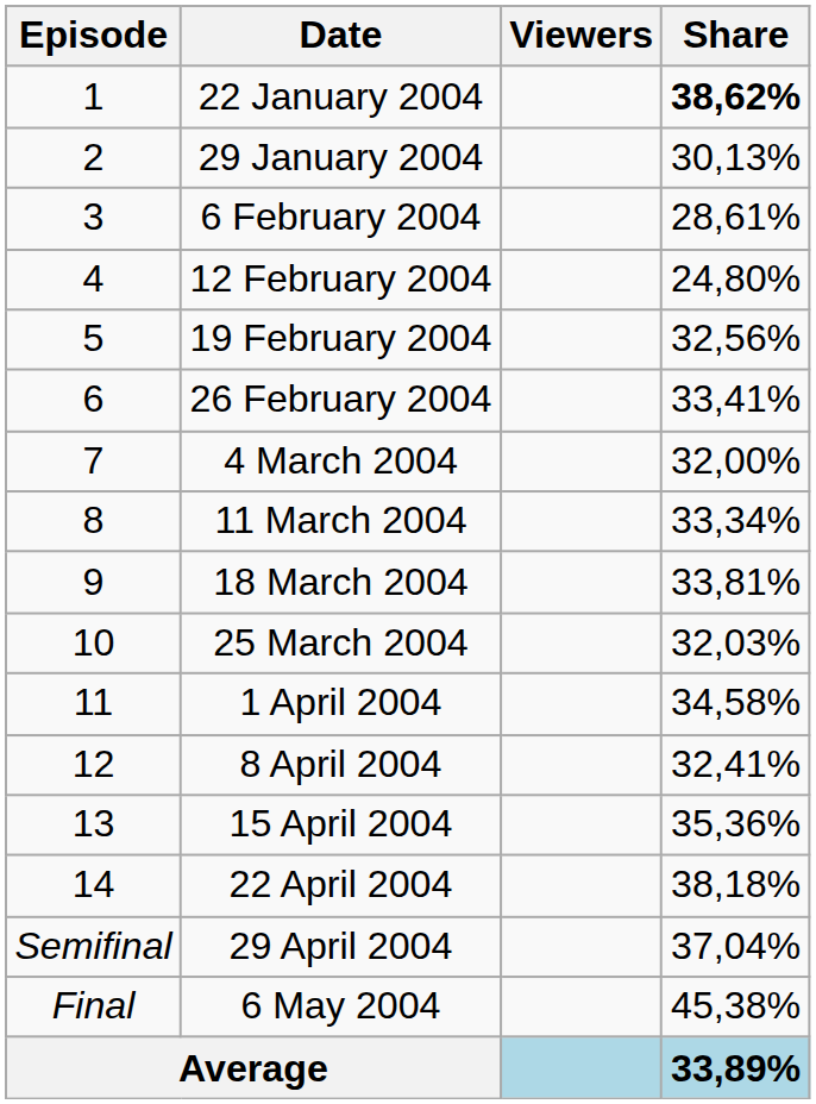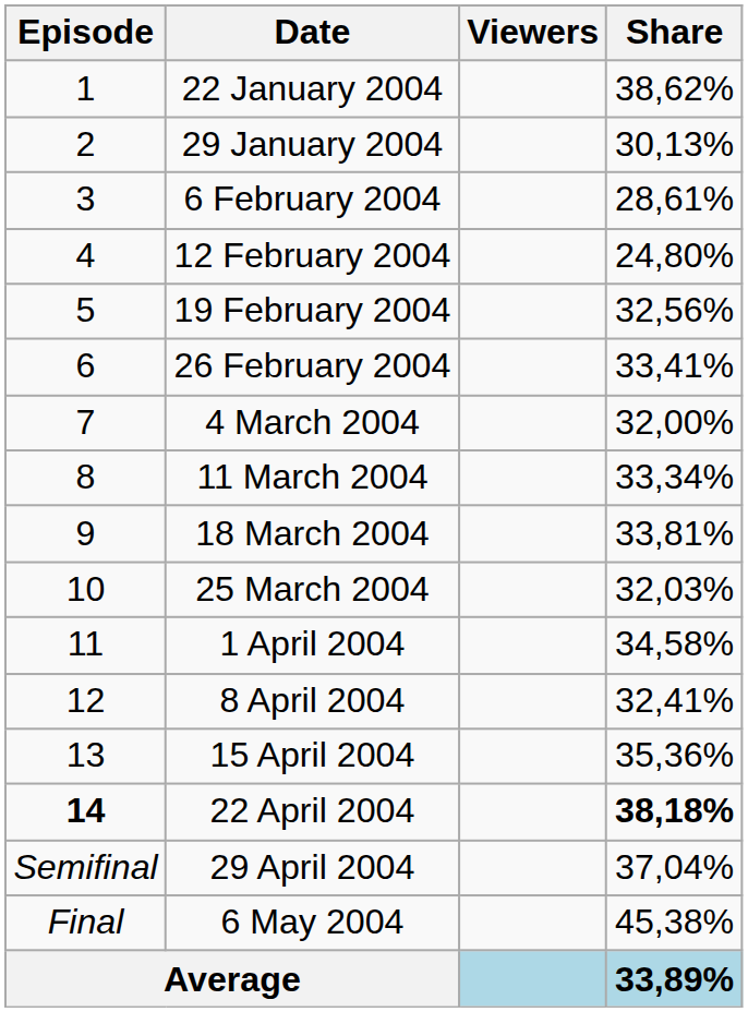 <table class="wikitable" style="text-align:center">
 <tr>
 <th>Episode</th>
 <th>Date</th>
 <th>Viewers</th>
 <th>Share</th>
 </tr>
 <tr>
 <td>1</td>
 <td>22 January 2004</td>
 <td></td>
-<td><strong>38,62%</strong></td>
+<td>38,62%</td>
 </tr>
 <tr>
 <td>2</td>
 <td>29 January 2004</td>
 <td></td>
 <td>30,13%</td>
 </tr>
 <tr>
 <td>3</td>
 <td>6 February 2004</td>
 <td></td>
 <td>28,61%</td>
 </tr>
 <tr>
 <td>4</td>
 <td>12 February 2004</td>
 <td></td>
 <td>24,80%</td>
 </tr>
 <tr>
 <td>5</td>
 <td>19 February 2004</td>
 <td></td>
 <td>32,56%</td>
 </tr>
 <tr>
 <td>6</td>
 <td>26 February 2004</td>
 <td></td>
 <td>33,41%</td>
 </tr>
 <tr>
 <td>7</td>
 <td>4 March 2004</td>
 <td></td>
 <td>32,00%</td>
 </tr>
 <tr>
 <td>8</td>
 <td>11 March 2004</td>
 <td></td>
 <td>33,34%</td>
 </tr>
 <tr>
 <td>9</td>
 <td>18 March 2004</td>
 <td></td>
 <td>33,81%</td>
 </tr>
 <tr>
 <td>10</td>
 <td>25 March 2004</td>
 <td></td>
 <td>32,03%</td>
 </tr>
 <tr>
 <td>11</td>
 <td>1 April 2004</td>
 <td></td>
 <td>34,58%</td>
 </tr>
 <tr>
 <td>12</td>
 <td>8 April 2004</td>
 <td></td>
 <td>32,41%</td>
 </tr>
 <tr>
 <td>13</td>
 <td>15 April 2004</td>
 <td></td>
 <td>35,36%</td>
 </tr>
 <tr>
-<td>14</td>
+<td><strong>14</strong></td>
 <td>22 April 2004</td>
 <td></td>
-<td>38,18%</td>
+<td><strong>38,18%</strong></td>
 </tr>
 <tr>
 <td><em>Semifinal</em></td>
 <td>29 April 2004</td>
 <td></td>
 <td>37,04%</td>
 </tr>
 <tr>
 <td><em>Final</em></td>
 <td>6 May 2004</td>
 <td></td>
 <td>45,38%</td>
 </tr>
 <tr>
 <th colspan="2">Average</th>
 <td bgcolor="lightblue"><strong></strong></td>
 <td bgcolor="lightblue"><strong>33,89%</strong></td>
 </tr>
 </table>
